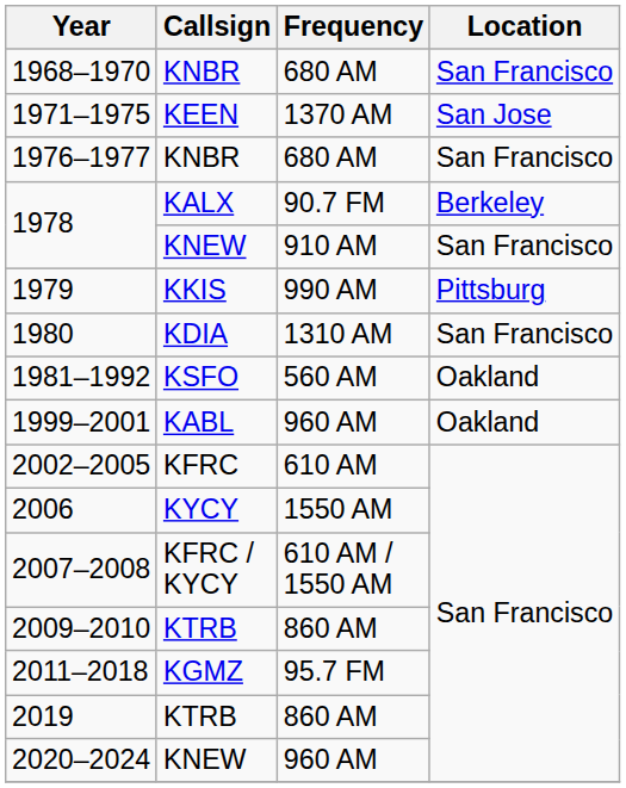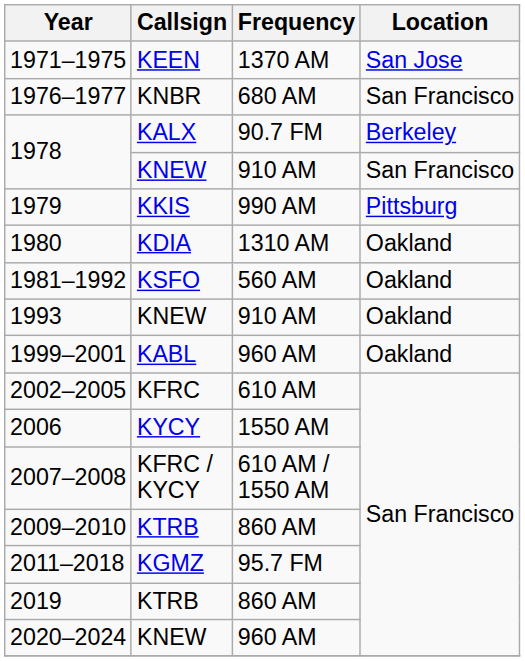 <table class="wikitable">
 <tr>
 <th>Year</th>
 <th>Callsign</th>
 <th>Frequency</th>
 <th>Location</th>
-</tr>
-<tr>
-<td>1968–1970</td>
-<td><a href='#'>KNBR</a></td>
-<td>680 AM</td>
-<td><a href='#'>San Francisco</a></td>
 </tr>
 <tr>
 <td>1971–1975</td>
 <td><a href='#'>KEEN</a></td>
 <td>1370 AM</td>
 <td><a href='#'>San Jose</a></td>
 </tr>
 <tr>
 <td>1976–1977</td>
 <td>KNBR</td>
 <td>680 AM</td>
 <td>San Francisco</td>
 </tr>
 <tr>
 <td rowspan=2>1978</td>
 <td><a href='#'>KALX</a></td>
 <td>90.7 FM</td>
 <td><a href='#'>Berkeley</a></td>
 </tr>
 <tr>
 <td><a href='#'>KNEW</a></td>
 <td>910 AM</td>
 <td>San Francisco</td>
 </tr>
 <tr>
 <td>1979</td>
 <td><a href='#'>KKIS</a></td>
 <td>990 AM</td>
 <td><a href='#'>Pittsburg</a></td>
 </tr>
 <tr>
 <td>1980</td>
 <td><a href='#'>KDIA</a></td>
 <td>1310 AM</td>
-<td>San Francisco</td>
+<td>Oakland</td>
 </tr>
 <tr>
 <td>1981–1992</td>
 <td><a href='#'>KSFO</a></td>
 <td>560 AM</td>
+<td>Oakland</td>
+</tr>
+<tr>
+<td>1993</td>
+<td>KNEW</td>
+<td>910 AM</td>
 <td>Oakland</td>
 </tr>
 <tr>
 <td>1999–2001</td>
 <td><a href='#'>KABL</a></td>
 <td>960 AM</td>
 <td>Oakland</td>
 </tr>
 <tr>
 <td>2002–2005</td>
 <td>KFRC</td>
 <td>610 AM</td>
 <td rowspan=7>San Francisco</td>
 </tr>
 <tr>
 <td>2006</td>
 <td><a href='#'>KYCY</a></td>
 <td>1550 AM</td>
 </tr>
 <tr>
 <td>2007–2008</td>
 <td>KFRC /<br>KYCY</td>
 <td>610 AM /<br>1550 AM</td>
 </tr>
 <tr>
 <td>2009–2010</td>
 <td><a href='#'>KTRB</a></td>
 <td>860 AM</td>
 </tr>
 <tr>
 <td>2011–2018</td>
 <td><a href='#'>KGMZ</a></td>
 <td>95.7 FM</td>
 </tr>
 <tr>
 <td>2019</td>
 <td>KTRB</td>
 <td>860 AM</td>
 </tr>
 <tr>
 <td>2020–2024</td>
 <td>KNEW</td>
 <td>960 AM</td>
 </tr>
 <tr>
 </tr>
 </table>
